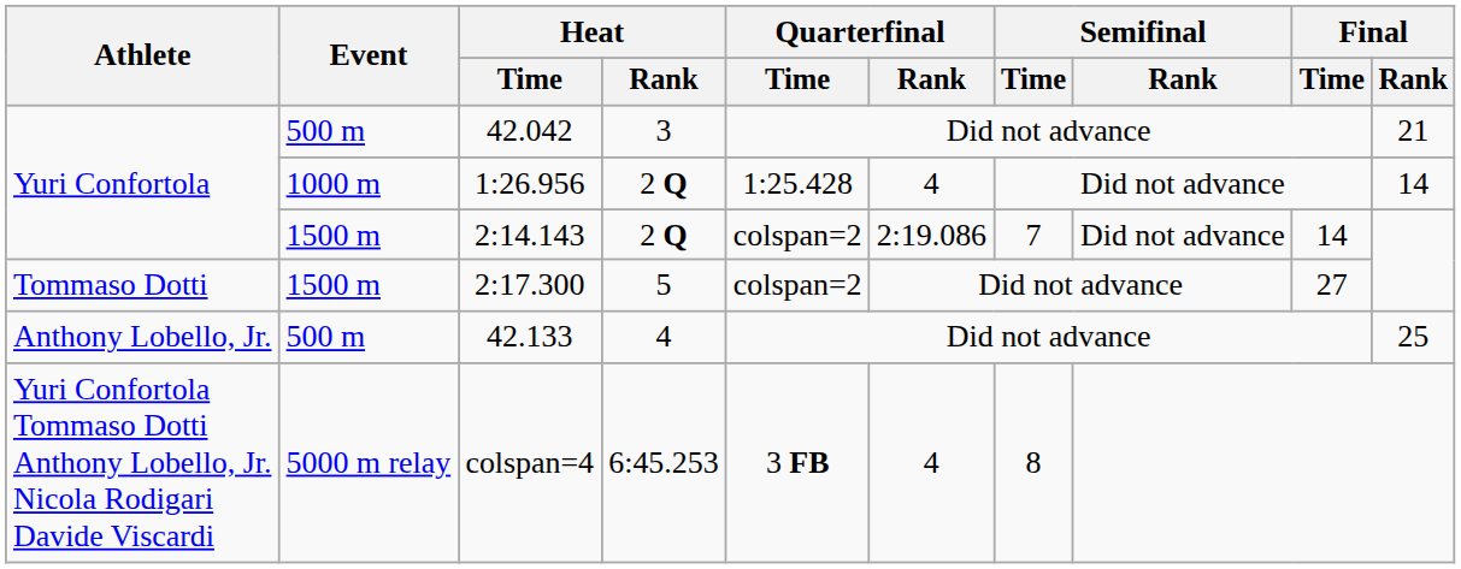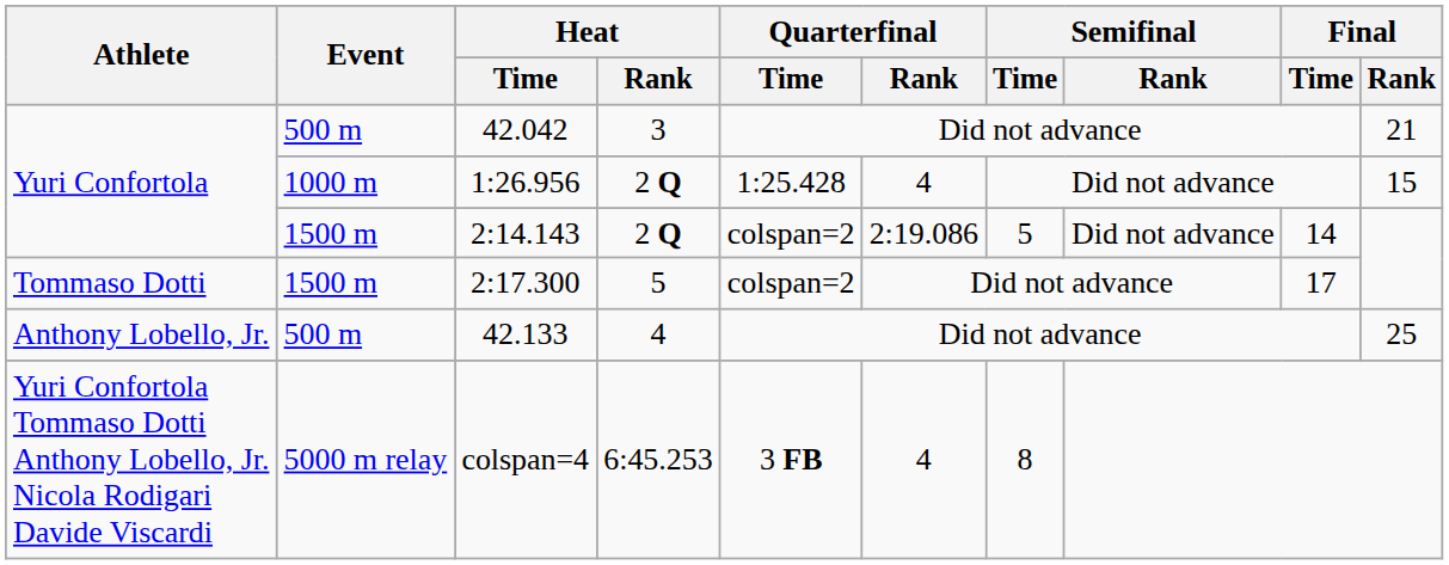 <table class="wikitable" style="font-size:90%">
 <tr>
 <th rowspan=2>Athlete</th>
 <th rowspan=2>Event</th>
 <th colspan=2>Heat</th>
 <th colspan=2>Quarterfinal</th>
 <th colspan=2>Semifinal</th>
 <th colspan=2>Final</th>
 </tr>
 <tr style="font-size:95%">
 <th>Time</th>
 <th>Rank</th>
 <th>Time</th>
 <th>Rank</th>
 <th>Time</th>
 <th>Rank</th>
 <th>Time</th>
 <th>Rank</th>
 </tr>
 <tr align=center>
 <td align=left rowspan=3><a href='#'>Yuri Confortola</a></td>
 <td align=left><a href='#'>500 m</a></td>
 <td>42.042</td>
 <td>3</td>
 <td colspan=5>Did not advance</td>
 <td>21</td>
 </tr>
 <tr align=center>
 <td align=left><a href='#'>1000 m</a></td>
 <td>1:26.956</td>
 <td>2 <strong>Q</strong></td>
 <td>1:25.428</td>
 <td>4</td>
 <td colspan=3>Did not advance</td>
-<td>14</td>
+<td>15</td>
 </tr>
 <tr align=center>
 <td align=left><a href='#'>1500 m</a></td>
 <td>2:14.143</td>
 <td>2 <strong>Q</strong></td>
 <td>colspan=2 </td>
 <td>2:19.086</td>
-<td>7</td>
+<td>5</td>
 <td>Did not advance</td>
 <td>14</td>
 </tr>
 <tr align=center>
 <td align=left><a href='#'>Tommaso Dotti</a></td>
 <td align=left><a href='#'>1500 m</a></td>
 <td>2:17.300</td>
 <td>5</td>
 <td>colspan=2 </td>
 <td colspan=3>Did not advance</td>
-<td>27</td>
+<td>17</td>
 </tr>
 <tr align=center>
 <td align=left><a href='#'>Anthony Lobello, Jr.</a></td>
 <td align=left><a href='#'>500 m</a></td>
 <td>42.133</td>
 <td>4</td>
 <td colspan=5>Did not advance</td>
 <td>25</td>
 </tr>
 <tr align=center>
 <td align=left><a href='#'>Yuri Confortola</a><br><a href='#'>Tommaso Dotti</a><br><a href='#'>Anthony Lobello, Jr.</a><br><a href='#'>Nicola Rodigari</a><br><a href='#'>Davide Viscardi</a></td>
 <td align=left><a href='#'>5000 m relay</a></td>
 <td>colspan=4 </td>
 <td>6:45.253</td>
 <td>3 <strong>FB</strong></td>
 <td>4</td>
 <td>8</td>
 </tr>
 </table>
